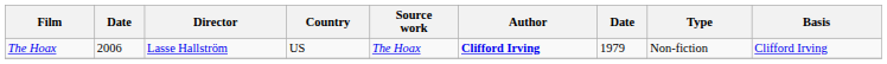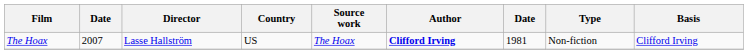 <table class="wikitable" style=width:90%>
 <tr bgcolor="#CCCCCC">
 <th>Film</th>
 <th>Date</th>
 <th>Director</th>
 <th>Country</th>
 <th>Source<br>work</th>
 <th>Author</th>
 <th>Date</th>
 <th>Type</th>
 <th>Basis</th>
 </tr>
 <tr>
 <td><em><a href='#'>The Hoax</a></em></td>
-<td>2006</td>
+<td>2007</td>
 <td><a href='#'>Lasse Hallström</a></td>
 <td>US</td>
 <td><em><a href='#'>The Hoax</a></em></td>
 <td><strong><a href='#'>Clifford Irving</a></strong></td>
-<td>1979</td>
+<td>1981</td>
 <td>Non-fiction</td>
 <td><a href='#'>Clifford Irving</a></td>
 </tr>
 <tr>
 </tr>
 </table>
